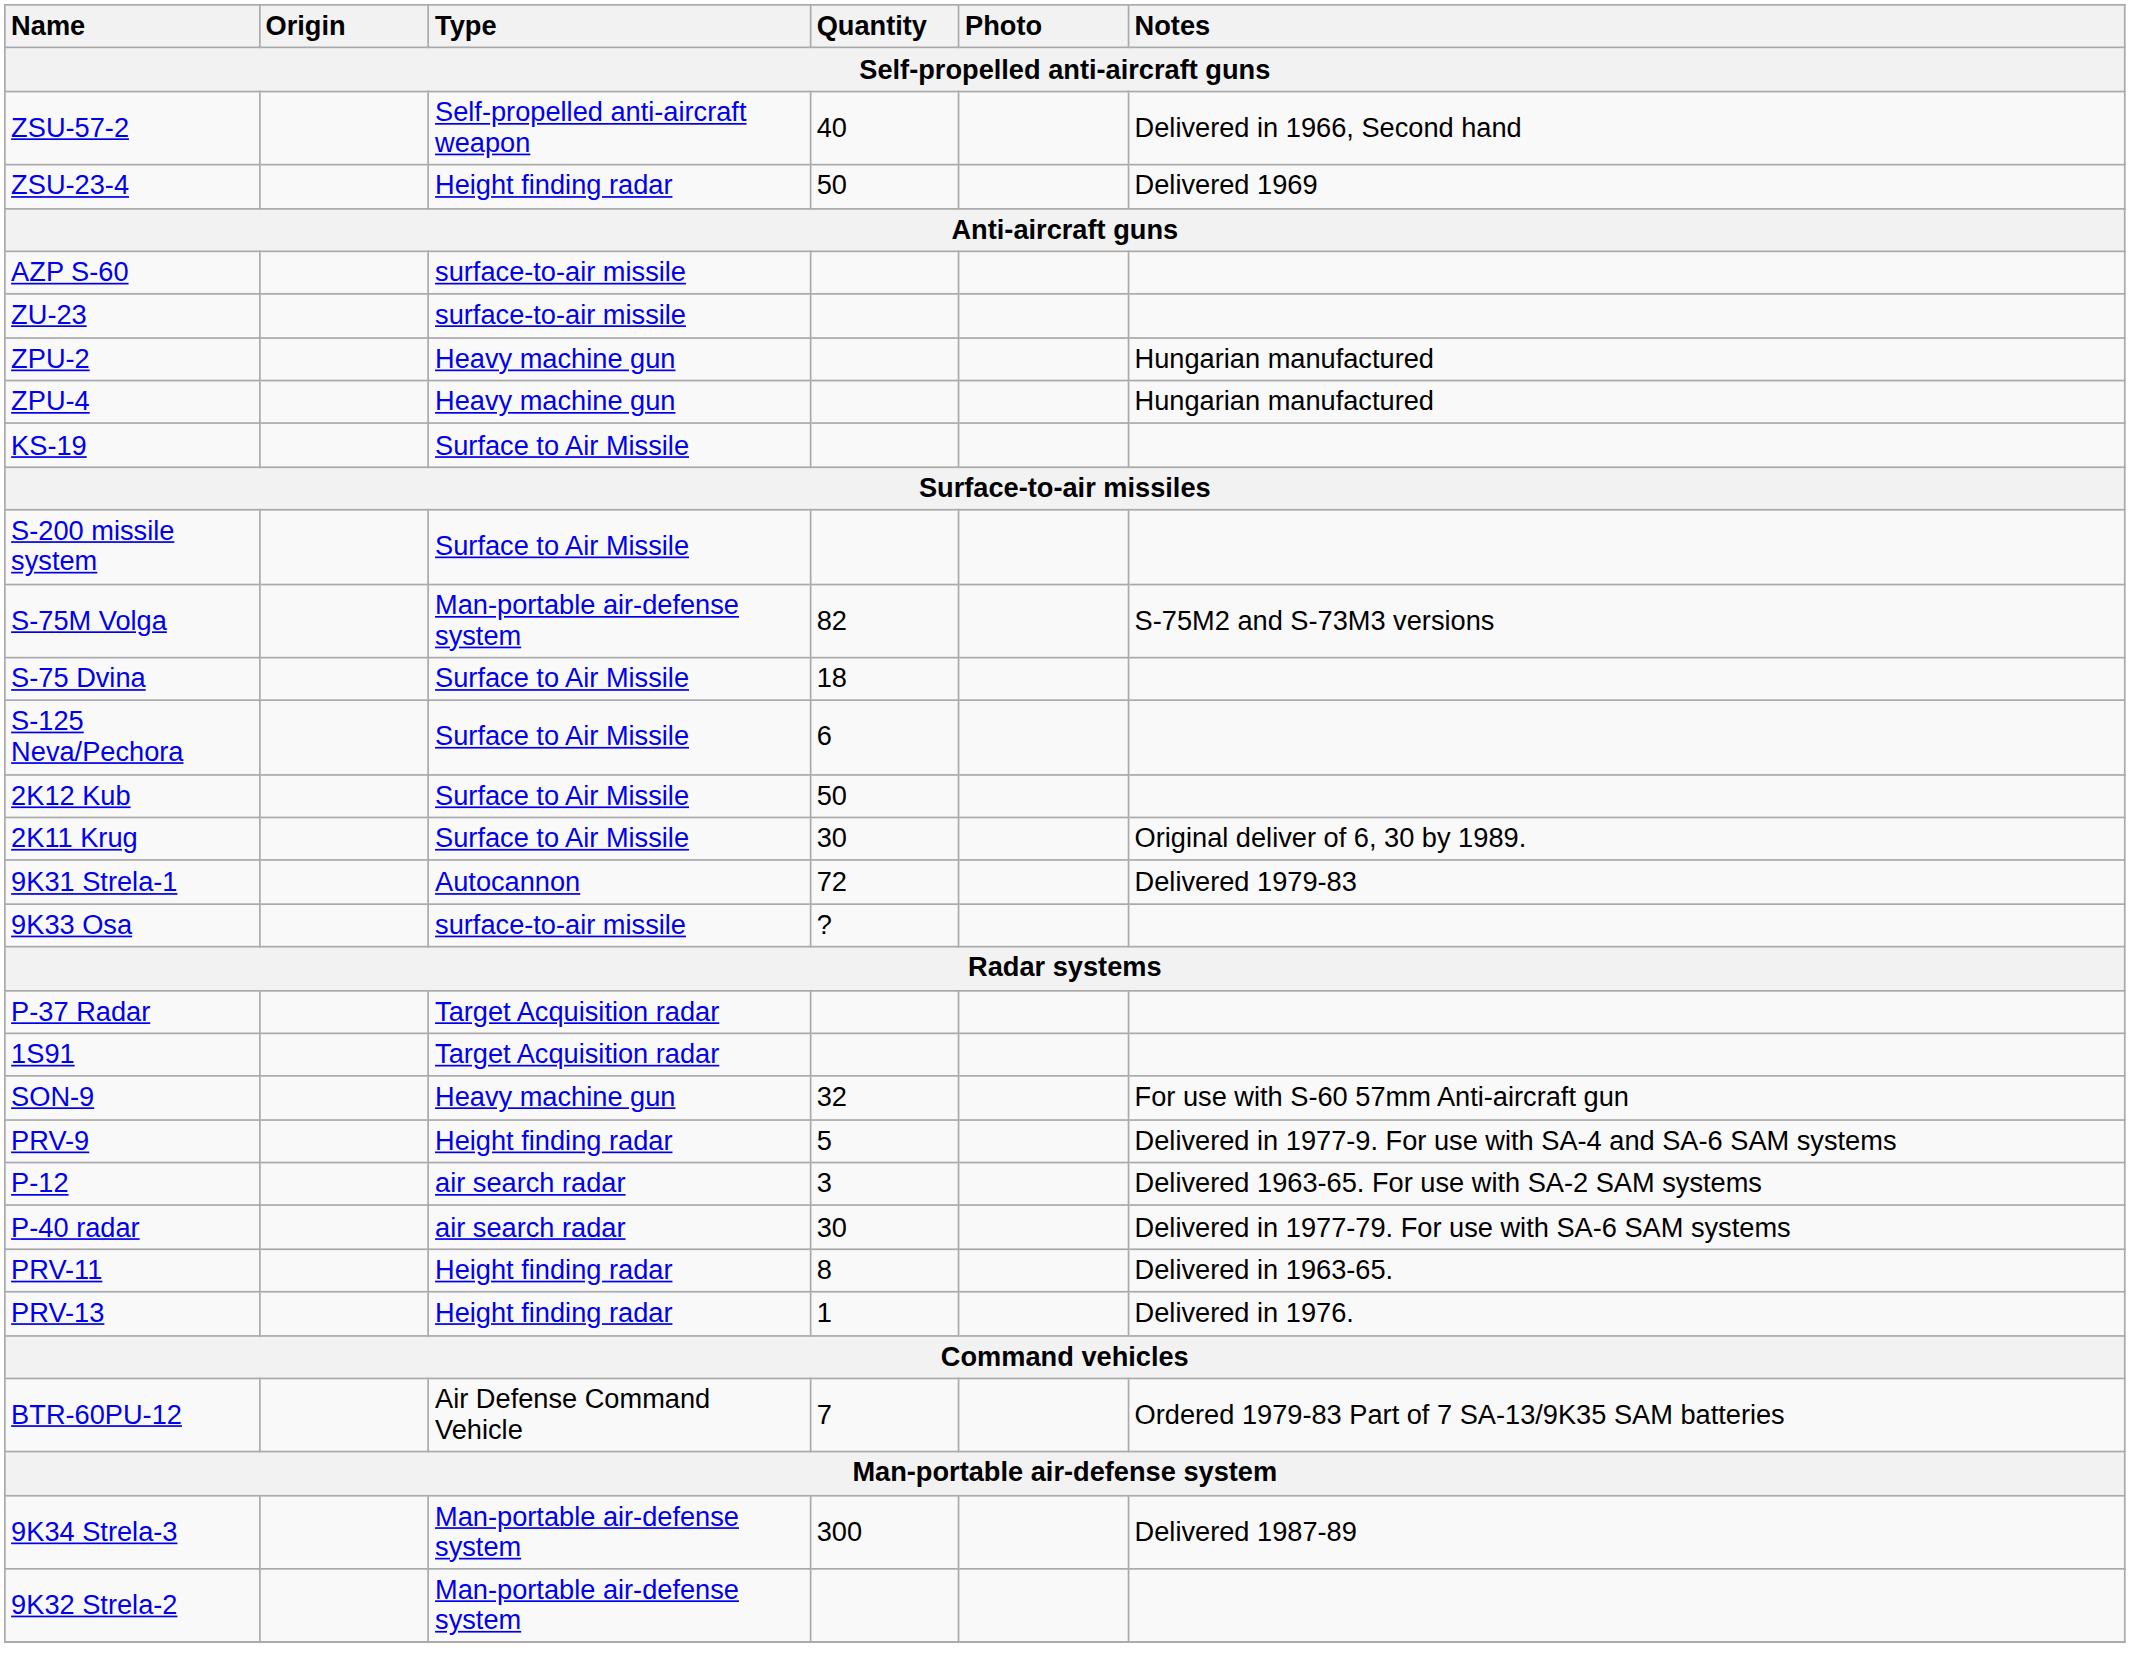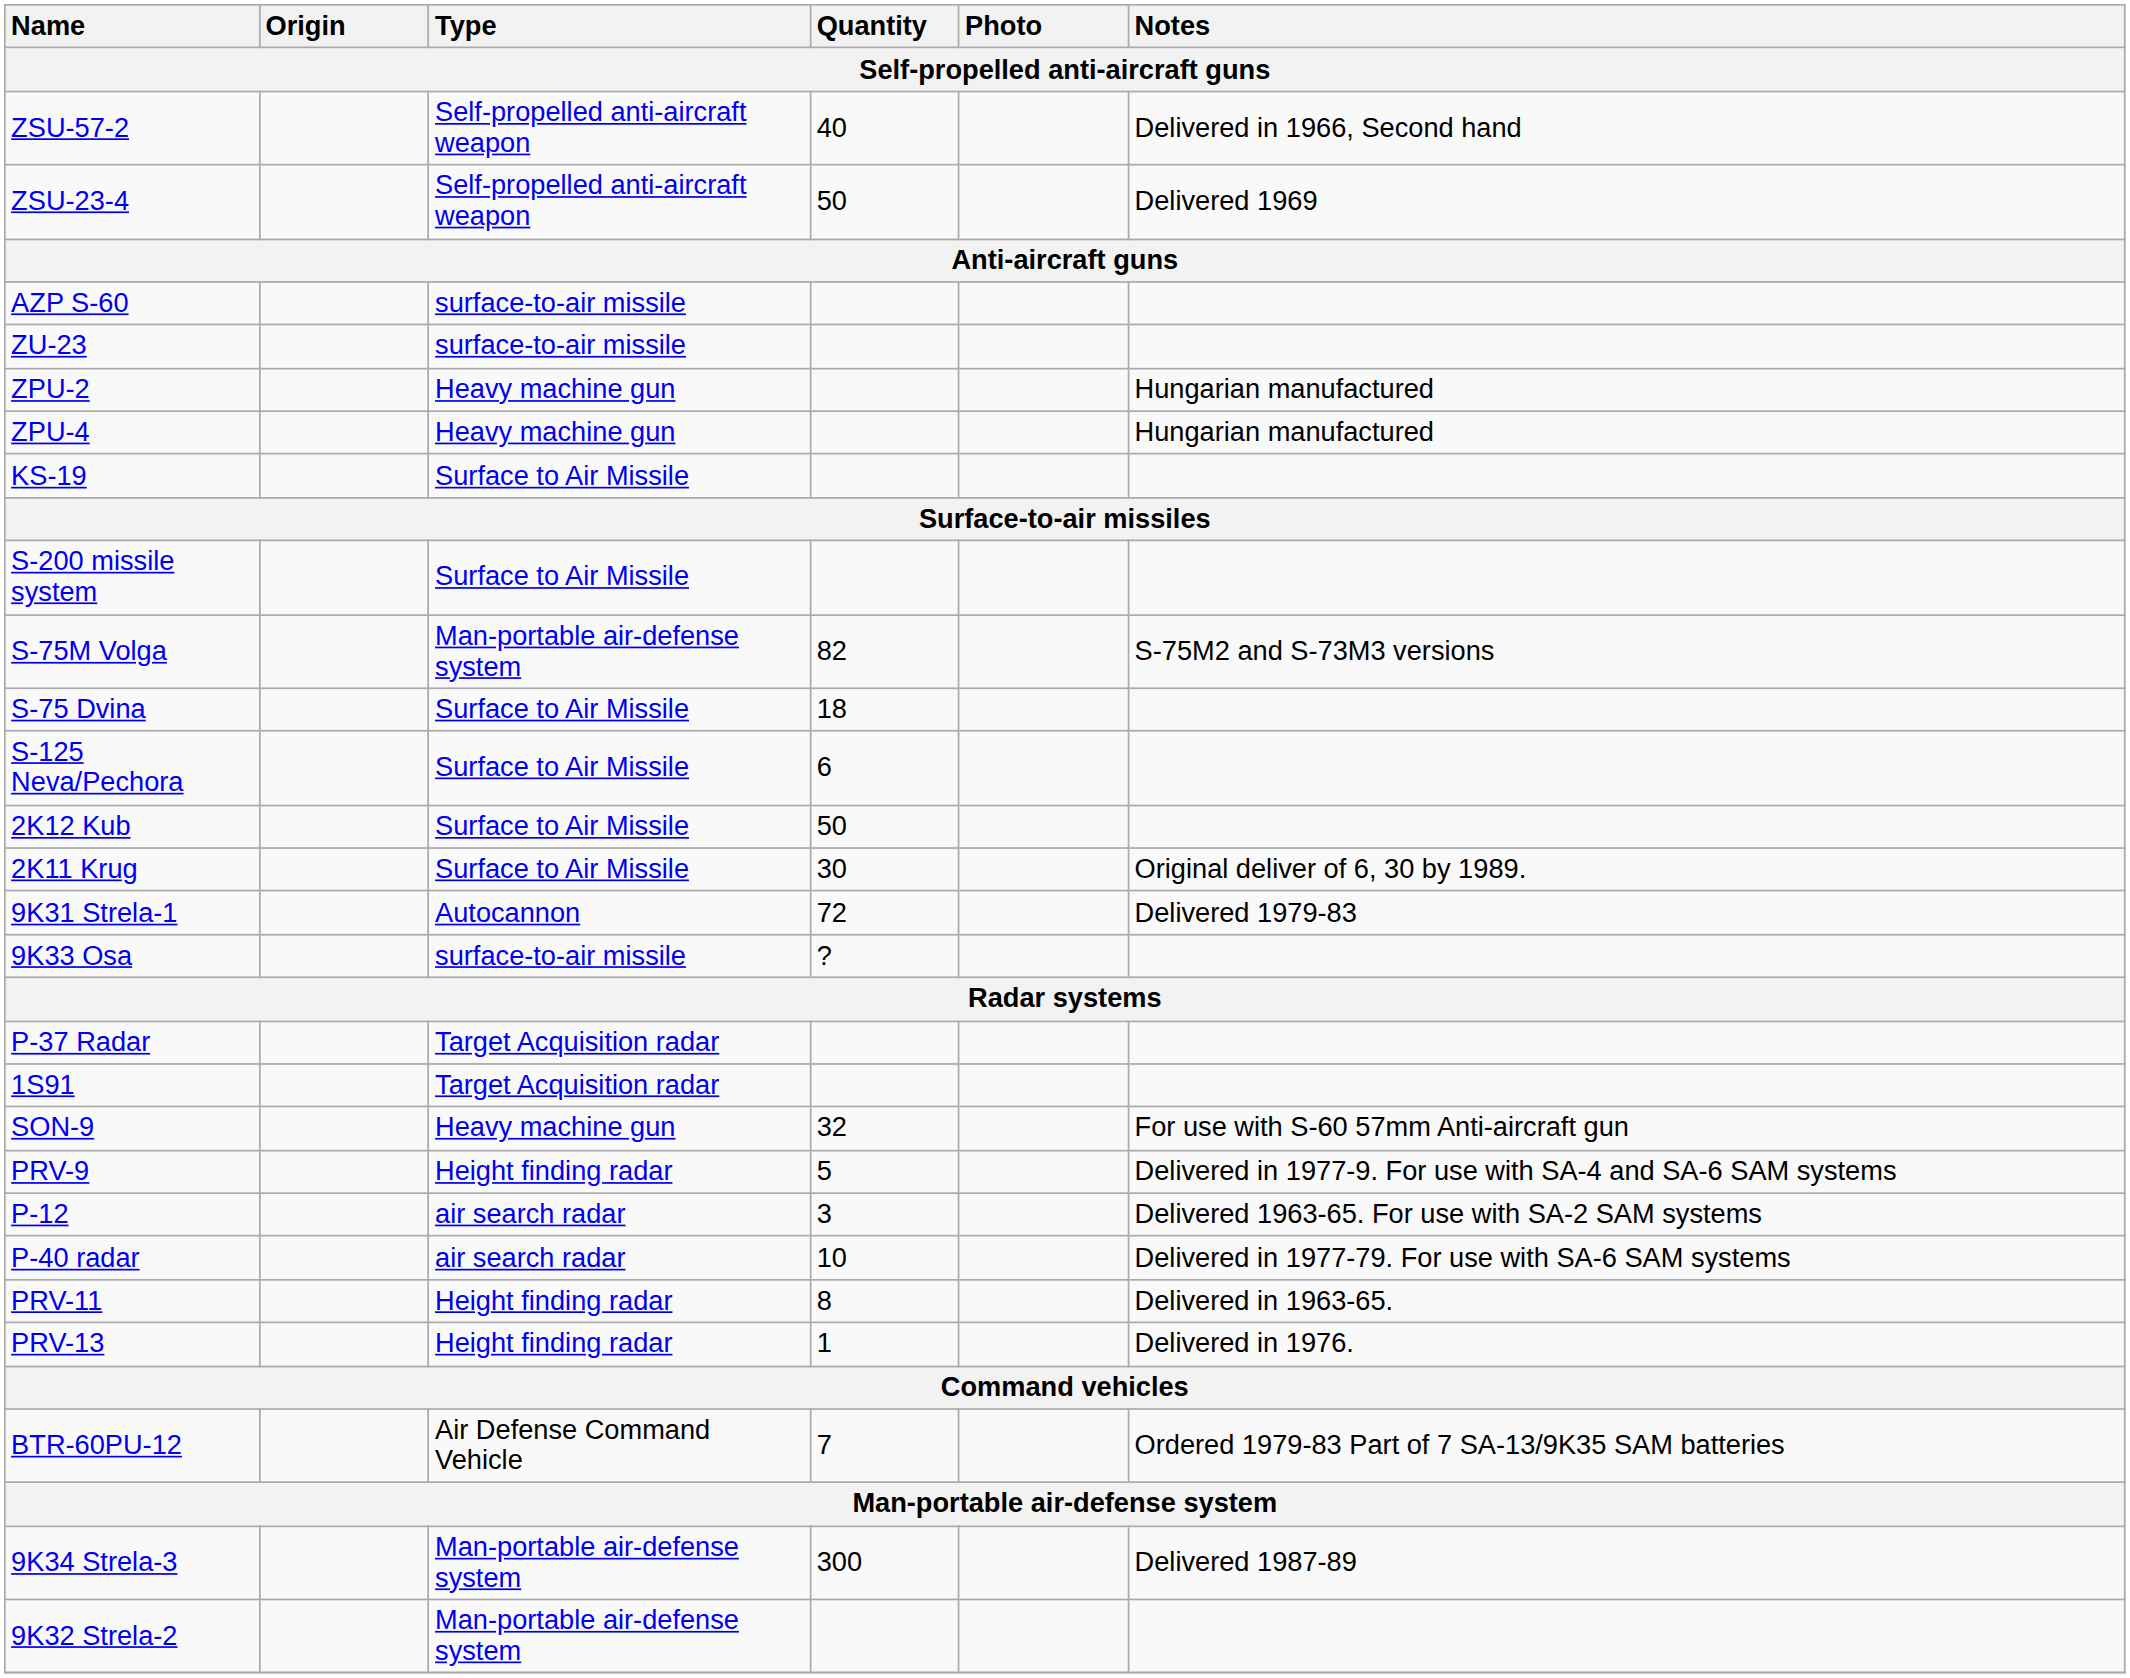 <table class="wikitable">
 <tr>
 <th style="text-align: left; width:12%;">Name</th>
 <th style="text-align: left; width:8%;">Origin</th>
 <th style="text-align: left; width:18%;">Type</th>
 <th style="text-align: left; width:7%;">Quantity</th>
 <th style="text-align: left;width:8%;">Photo</th>
 <th style="text-align: left;width:47%;">Notes</th>
 </tr>
 <tr>
 <th style="align: center;" colspan="7">Self-propelled anti-aircraft guns</th>
 </tr>
 <tr>
 <td><a href='#'>ZSU-57-2</a></td>
 <td></td>
 <td><a href='#'>Self-propelled anti-aircraft weapon</a></td>
 <td>40</td>
 <td></td>
 <td>Delivered in 1966, Second hand</td>
 </tr>
 <tr>
 <td><a href='#'>ZSU-23-4</a></td>
 <td></td>
-<td><a href='#'>Height finding radar</a></td>
+<td><a href='#'>Self-propelled anti-aircraft weapon</a></td>
 <td>50</td>
 <td></td>
 <td>Delivered 1969</td>
 </tr>
 <tr>
 <th style="align: center;" colspan="7">Anti-aircraft guns</th>
 </tr>
 <tr>
 <td><a href='#'>AZP S-60</a></td>
 <td></td>
 <td><a href='#'>surface-to-air missile</a></td>
 <td></td>
 <td></td>
 <td></td>
 </tr>
 <tr>
 <td><a href='#'>ZU-23</a></td>
 <td></td>
 <td><a href='#'>surface-to-air missile</a></td>
 <td></td>
 <td></td>
 <td></td>
 </tr>
 <tr>
 <td><a href='#'>ZPU-2</a></td>
 <td></td>
 <td><a href='#'>Heavy machine gun</a></td>
 <td></td>
 <td></td>
 <td>Hungarian manufactured</td>
 </tr>
 <tr>
 <td><a href='#'>ZPU-4</a></td>
 <td></td>
 <td><a href='#'>Heavy machine gun</a></td>
 <td></td>
 <td></td>
 <td>Hungarian manufactured</td>
 </tr>
 <tr>
 <td><a href='#'>KS-19</a></td>
 <td></td>
 <td><a href='#'>Surface to Air Missile</a></td>
 <td></td>
 <td></td>
 <td></td>
 </tr>
 <tr>
 <th style="align: center;" colspan="7">Surface-to-air missiles</th>
 </tr>
 <tr>
 <td><a href='#'>S-200 missile system</a></td>
 <td></td>
 <td><a href='#'>Surface to Air Missile</a></td>
 <td></td>
 <td></td>
 <td></td>
 </tr>
 <tr>
 <td><a href='#'>S-75M Volga</a></td>
 <td></td>
 <td><a href='#'>Man-portable air-defense system</a></td>
 <td>82</td>
 <td></td>
 <td>S-75M2 and S-73M3 versions</td>
 </tr>
 <tr>
 <td><a href='#'>S-75 Dvina</a></td>
 <td></td>
 <td><a href='#'>Surface to Air Missile</a></td>
 <td>18</td>
 <td></td>
 <td></td>
 </tr>
 <tr>
 <td><a href='#'>S-125 Neva/Pechora</a></td>
 <td></td>
 <td><a href='#'>Surface to Air Missile</a></td>
 <td>6</td>
 <td></td>
 <td></td>
 </tr>
 <tr>
 <td><a href='#'>2K12 Kub</a></td>
 <td></td>
 <td><a href='#'>Surface to Air Missile</a></td>
 <td>50</td>
 <td></td>
 <td></td>
 </tr>
 <tr>
 <td><a href='#'>2K11 Krug</a></td>
 <td></td>
 <td><a href='#'>Surface to Air Missile</a></td>
 <td>30</td>
 <td></td>
 <td>Original deliver of 6, 30 by 1989.</td>
 </tr>
 <tr>
 <td><a href='#'>9K31 Strela-1</a></td>
 <td></td>
 <td><a href='#'>Autocannon</a></td>
 <td>72</td>
 <td></td>
 <td>Delivered 1979-83</td>
 </tr>
 <tr>
 <td><a href='#'>9K33 Osa</a></td>
 <td></td>
 <td><a href='#'>surface-to-air missile</a></td>
 <td>?</td>
 <td></td>
 <td></td>
 </tr>
 <tr>
 <th style="align: center;" colspan="7">Radar systems</th>
 </tr>
 <tr>
 <td><a href='#'>P-37 Radar</a></td>
 <td></td>
 <td><a href='#'>Target Acquisition radar</a></td>
 <td></td>
 <td></td>
 <td></td>
 </tr>
 <tr>
 <td><a href='#'>1S91</a></td>
 <td></td>
 <td><a href='#'>Target Acquisition radar</a></td>
 <td></td>
 <td></td>
 <td></td>
 </tr>
 <tr>
 <td><a href='#'>SON-9</a></td>
 <td></td>
 <td><a href='#'>Heavy machine gun</a></td>
 <td>32</td>
 <td></td>
 <td>For use with S-60 57mm Anti-aircraft gun</td>
 </tr>
 <tr>
 <td><a href='#'>PRV-9</a></td>
 <td></td>
 <td><a href='#'>Height finding radar</a></td>
 <td>5</td>
 <td></td>
 <td>Delivered in 1977-9. For use with SA-4 and SA-6 SAM systems</td>
 </tr>
 <tr>
 <td><a href='#'>P-12</a></td>
 <td></td>
 <td><a href='#'>air search radar</a></td>
 <td>3</td>
 <td></td>
 <td>Delivered 1963-65. For use with SA-2 SAM systems</td>
 </tr>
 <tr>
 <td><a href='#'>P-40 radar</a></td>
 <td></td>
 <td><a href='#'>air search radar</a></td>
-<td>30</td>
+<td>10</td>
 <td></td>
 <td>Delivered in 1977-79. For use with SA-6 SAM systems</td>
 </tr>
 <tr>
 <td><a href='#'>PRV-11</a></td>
 <td></td>
 <td><a href='#'>Height finding radar</a></td>
 <td>8</td>
 <td></td>
 <td>Delivered in 1963-65.</td>
 </tr>
 <tr>
 <td><a href='#'>PRV-13</a></td>
 <td></td>
 <td><a href='#'>Height finding radar</a></td>
 <td>1</td>
 <td></td>
 <td>Delivered in 1976.</td>
 </tr>
 <tr>
 <th style="align: center;" colspan="8">Command vehicles</th>
 </tr>
 <tr>
 <td><a href='#'>BTR-60PU-12</a></td>
 <td></td>
 <td>Air Defense Command Vehicle</td>
 <td>7</td>
 <td></td>
 <td>Ordered 1979-83 Part of 7 SA-13/9K35 SAM batteries</td>
 </tr>
 <tr>
 <th style="align: center;" colspan="8">Man-portable air-defense system</th>
 </tr>
 <tr>
 <td><a href='#'>9K34 Strela-3</a></td>
 <td></td>
 <td><a href='#'>Man-portable air-defense system</a></td>
 <td>300</td>
 <td></td>
 <td>Delivered 1987-89</td>
 </tr>
 <tr>
 <td><a href='#'>9K32 Strela-2</a></td>
 <td></td>
 <td><a href='#'>Man-portable air-defense system</a></td>
 <td></td>
 <td></td>
 <td></td>
 </tr>
 <tr>
 </tr>
 </table>
